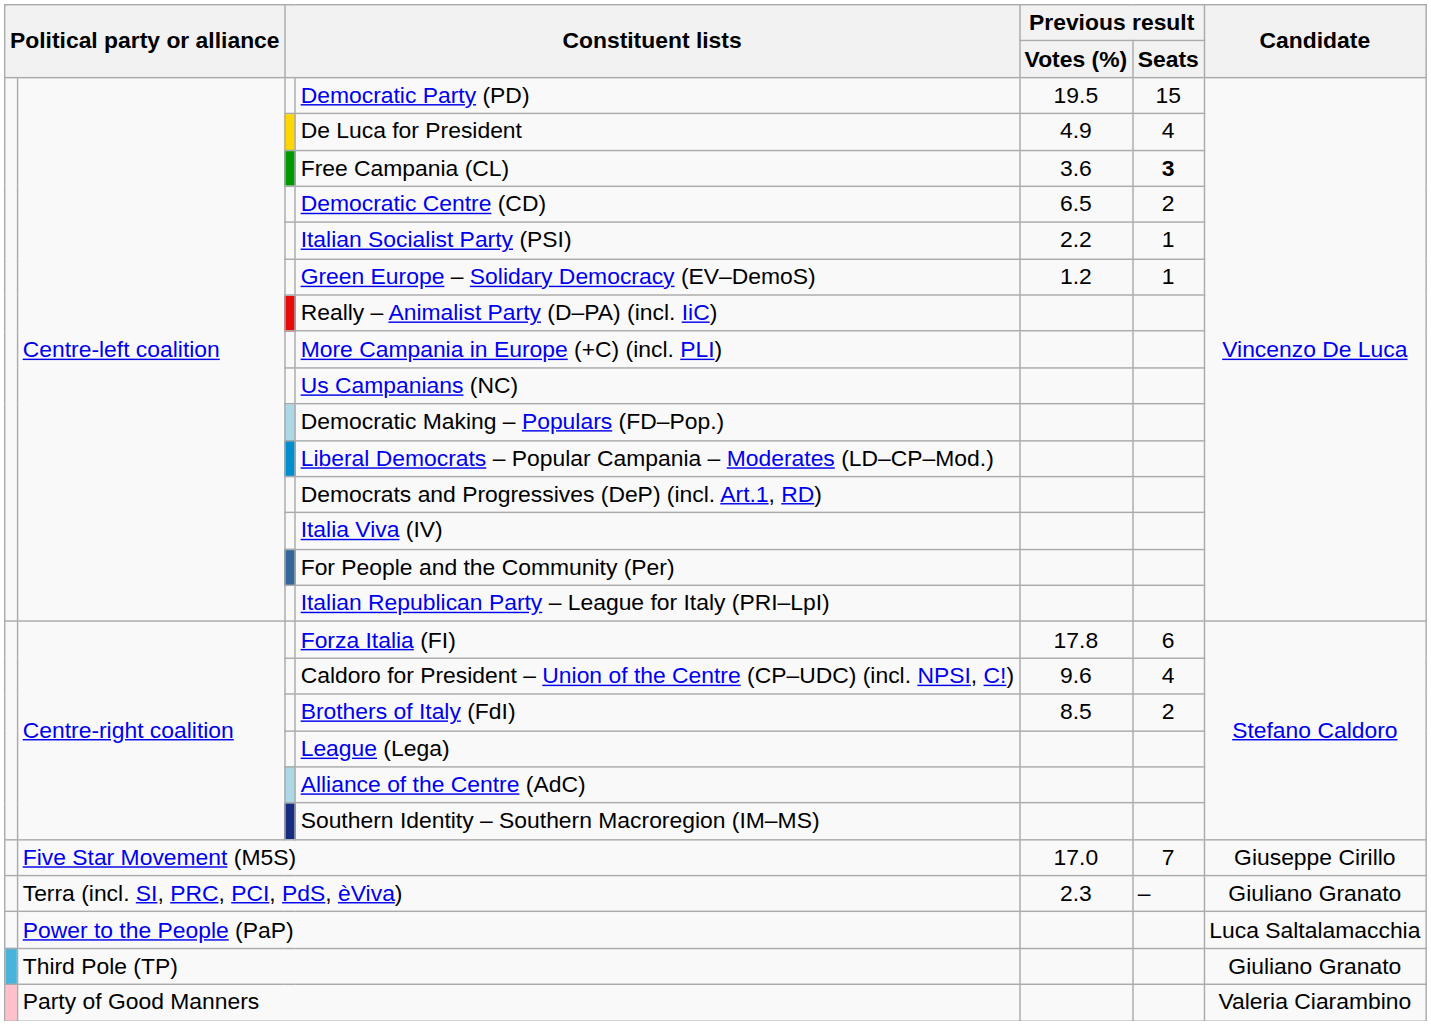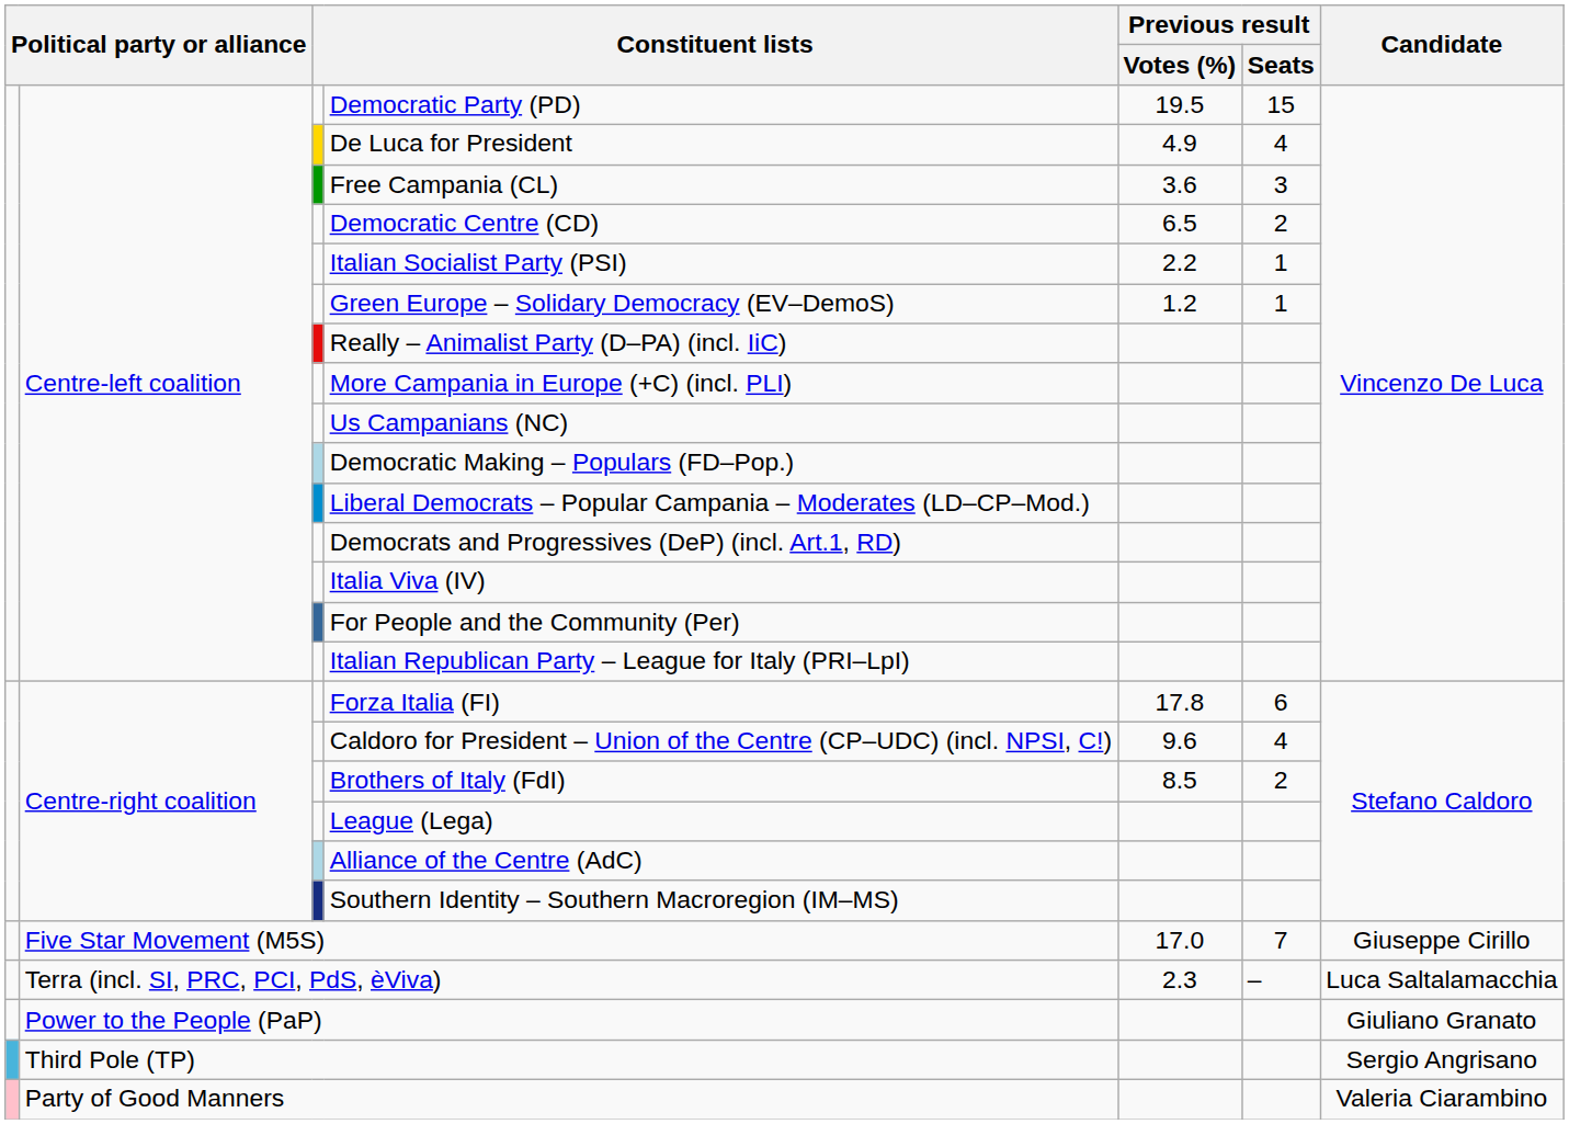 <table class="wikitable" style="text-align:left">
 <tr>
 <th colspan=2 rowspan="2">Political party or alliance</th>
 <th colspan=2 rowspan="2">Constituent lists</th>
 <th colspan="2">Previous result</th>
 <th rowspan="2">Candidate</th>
 </tr>
 <tr>
 <th>Votes (%)</th>
 <th>Seats</th>
 </tr>
 <tr>
 <td rowspan="15"></td>
 <td rowspan="15"><a href='#'>Centre-left coalition</a></td>
 <td></td>
 <td style="text-align:left;"><a href='#'>Democratic Party</a> (PD)</td>
 <td align=center>19.5</td>
 <td align=center>15</td>
 <td rowspan="15" style="text-align:center;"><a href='#'>Vincenzo De Luca</a></td>
 </tr>
 <tr>
 <td bgcolor="gold"></td>
 <td>De Luca for President</td>
 <td align=center>4.9</td>
 <td align=center>4</td>
 </tr>
 <tr>
 <td bgcolor="#009800"></td>
 <td>Free Campania (CL)</td>
 <td align=center>3.6</td>
-<td align=center><strong>3</strong></td>
+<td align=center>3</td>
 </tr>
 <tr>
 <td></td>
 <td><a href='#'>Democratic Centre</a> (CD)</td>
 <td align=center>6.5</td>
 <td align=center>2</td>
 </tr>
 <tr>
 <td></td>
 <td><a href='#'>Italian Socialist Party</a> (PSI)</td>
 <td align=center>2.2</td>
 <td align=center>1</td>
 </tr>
 <tr>
 <td style="background-color:"></td>
 <td><a href='#'>Green Europe</a> – <a href='#'>Solidary Democracy</a> (EV–DemoS)</td>
 <td align=center>1.2</td>
 <td align=center>1</td>
 </tr>
 <tr>
 <td bgcolor="#E60C0C"></td>
 <td>Really – <a href='#'>Animalist Party</a> (D–PA) (incl. <a href='#'>IiC</a>)</td>
 <td></td>
 <td></td>
 </tr>
 <tr>
 <td></td>
 <td><a href='#'>More Campania in Europe</a> (+C) (incl. <a href='#'>PLI</a>)</td>
 <td></td>
 <td></td>
 </tr>
 <tr>
 <td></td>
 <td><a href='#'>Us Campanians</a> (NC)</td>
 <td></td>
 <td></td>
 </tr>
 <tr>
 <td bgcolor="#ADD8E6"></td>
 <td>Democratic Making – <a href='#'>Populars</a> (FD–Pop.)</td>
 <td></td>
 <td></td>
 </tr>
 <tr>
 <td bgcolor="#008ECE"></td>
 <td><a href='#'>Liberal Democrats</a> – Popular Campania – <a href='#'>Moderates</a> (LD–CP–Mod.)</td>
 <td></td>
 <td></td>
 </tr>
 <tr>
 <td></td>
 <td>Democrats and Progressives (DeP) (incl. <a href='#'>Art.1</a>, <a href='#'>RD</a>)</td>
 <td></td>
 <td></td>
 </tr>
 <tr>
 <td></td>
 <td><a href='#'>Italia Viva</a> (IV)</td>
 <td></td>
 <td></td>
 </tr>
 <tr>
 <td bgcolor="#336699"></td>
 <td>For People and the Community (Per)</td>
 <td></td>
 <td></td>
 </tr>
 <tr>
 <td></td>
 <td><a href='#'>Italian Republican Party</a> – League for Italy (PRI–LpI)</td>
 <td></td>
 <td></td>
 </tr>
 <tr>
 <td rowspan="6" style="background:"></td>
 <td rowspan=6><a href='#'>Centre-right coalition</a></td>
 <td></td>
 <td style="text-align:left;"><a href='#'>Forza Italia</a> (FI)</td>
 <td align=center>17.8</td>
 <td align=center>6</td>
 <td rowspan="6" style="text-align:center;"><a href='#'>Stefano Caldoro</a></td>
 </tr>
 <tr>
 <td></td>
 <td style="text-align:left;">Caldoro for President – <a href='#'>Union of the Centre</a> (CP–UDC) (incl. <a href='#'>NPSI</a>, <a href='#'>C!</a>)</td>
 <td align=center>9.6</td>
 <td align=center>4</td>
 </tr>
 <tr>
 <td></td>
 <td style="text-align:left;"><a href='#'>Brothers of Italy</a> (FdI)</td>
 <td align=center>8.5</td>
 <td align=center>2</td>
 </tr>
 <tr>
 <td></td>
 <td style="text-align:left;"><a href='#'>League</a> (Lega)</td>
 <td></td>
 <td></td>
 </tr>
 <tr>
 <td style="background-color:lightblue"></td>
 <td style="text-align:left;"><a href='#'>Alliance of the Centre</a> (AdC)</td>
 <td></td>
 <td></td>
 </tr>
 <tr>
 <td style="background-color:#162C81"></td>
 <td style="text-align:left;">Southern Identity – Southern Macroregion (IM–MS)</td>
 <td></td>
 <td></td>
 </tr>
 <tr>
 <td style="background-color:"></td>
 <td colspan="3"><a href='#'>Five Star Movement</a> (M5S)</td>
 <td align=center>17.0</td>
 <td align=center>7</td>
 <td style="text-align:center;">Giuseppe Cirillo</td>
 </tr>
 <tr>
 <td style="background-color:"></td>
 <td colspan="3">Terra (incl. <a href='#'>SI</a>, <a href='#'>PRC</a>, <a href='#'>PCI</a>, <a href='#'>PdS</a>, <a href='#'>èViva</a>)</td>
 <td align=center>2.3</td>
 <td>–</td>
-<td style="text-align:center;">Giuliano Granato</td>
+<td style="text-align:center;">Luca Saltalamacchia</td>
 </tr>
 <tr>
 <td style="background-color:"></td>
 <td colspan="3"><a href='#'>Power to the People</a> (PaP)</td>
 <td></td>
 <td></td>
-<td style="text-align:center;">Luca Saltalamacchia</td>
+<td style="text-align:center;">Giuliano Granato</td>
 </tr>
 <tr>
 <td style="background-color:#48B4DB"></td>
 <td colspan="3">Third Pole (TP)</td>
 <td></td>
 <td></td>
-<td style="text-align:center;">Giuliano Granato</td>
+<td style="text-align:center;">Sergio Angrisano</td>
 </tr>
 <tr>
 <td style="background-color:#FFC0CB"></td>
 <td colspan="3">Party of Good Manners</td>
 <td></td>
 <td></td>
 <td style="text-align:center;">Valeria Ciarambino</td>
 </tr>
 <tr>
 </tr>
 </table>
